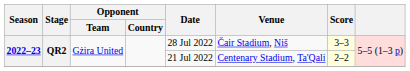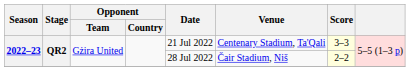 <table class="wikitable plainrowheaders">
 <tr>
 <th rowspan=2>Season</th>
 <th rowspan=2>Stage</th>
 <th scope="col" colspan=2>Opponent</th>
 <th scope="col" rowspan=2>Date</th>
 <th scope="col" rowspan=2>Venue</th>
 <th scope="col" rowspan=2>Score</th>
 <th scope="col" rowspan=2></th>
 </tr>
 <tr>
 <th scope="col">Team</th>
 <th scope="col">Country</th>
 </tr>
 <tr>
 <th scope=row rowspan="2"><a href='#'>2022–23</a></th>
 <th scope=row rowspan="2">QR2</th>
 <td rowspan="2"><a href='#'>Gżira United</a></td>
 <td rowspan="2"></td>
-<td>28 Jul 2022</td>
-<td><a href='#'>Čair Stadium</a>, <a href='#'>Niš</a></td>
+<td>21 Jul 2022</td>
+<td><a href='#'>Centenary Stadium</a>, <a href='#'>Ta'Qali</a></td>
 <td style="text-align:center; background:#ffd;">3–3</td>
 <td rowspan="2" style="text-align:center; background:#fdd;">5–5 (1–3 <a href='#'>p</a>)</td>
 </tr>
 <tr>
-<td>21 Jul 2022</td>
-<td><a href='#'>Centenary Stadium</a>, <a href='#'>Ta'Qali</a></td>
+<td>28 Jul 2022</td>
+<td><a href='#'>Čair Stadium</a>, <a href='#'>Niš</a></td>
 <td style="text-align:center; background:#ffd;">2–2</td>
 </tr>
 <tr>
 </tr>
 </table>
